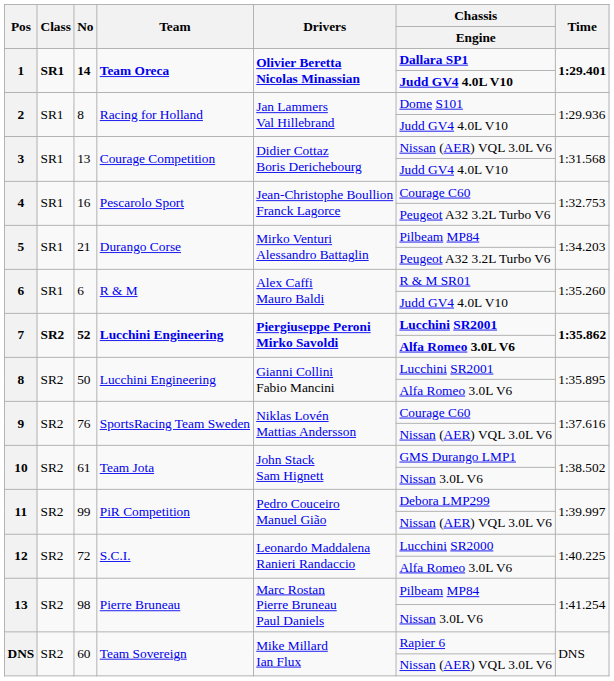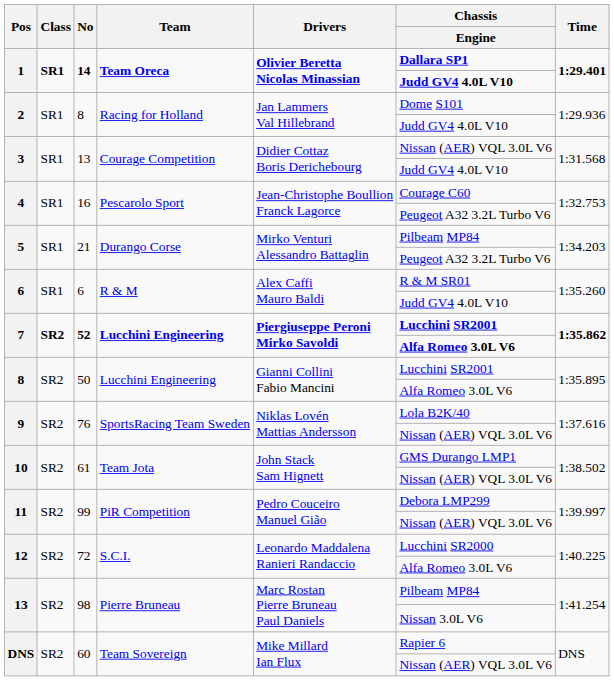 <table class="wikitable" style="font-size:95%;">
 <tr>
 <th rowspan="2">Pos</th>
 <th rowspan="2">Class</th>
 <th rowspan="2">No</th>
 <th rowspan="2">Team</th>
 <th rowspan="2">Drivers</th>
 <th>Chassis</th>
 <th rowspan="2">Time</th>
 </tr>
 <tr>
 <th>Engine</th>
 </tr>
 <tr style="font-weight:bold">
 <th rowspan="2">1</th>
 <td rowspan="2">SR1</td>
 <td rowspan="2">14</td>
 <td rowspan="2"> <a href='#'>Team Oreca</a></td>
 <td rowspan="2"> <a href='#'>Olivier Beretta</a><br> <a href='#'>Nicolas Minassian</a></td>
 <td><a href='#'>Dallara SP1</a></td>
 <td rowspan="2">1:29.401</td>
 </tr>
 <tr style="font-weight:bold">
 <td><a href='#'>Judd GV4</a> 4.0L V10</td>
 </tr>
 <tr>
 <th rowspan="2">2</th>
 <td rowspan="2">SR1</td>
 <td rowspan="2">8</td>
 <td rowspan="2"> <a href='#'>Racing for Holland</a></td>
 <td rowspan="2"> <a href='#'>Jan Lammers</a><br> <a href='#'>Val Hillebrand</a></td>
 <td><a href='#'>Dome</a> <a href='#'>S101</a></td>
 <td rowspan="2">1:29.936</td>
 </tr>
 <tr>
 <td><a href='#'>Judd GV4</a> 4.0L V10</td>
 </tr>
 <tr>
 <th rowspan="2">3</th>
 <td rowspan="2">SR1</td>
 <td rowspan="2">13</td>
 <td rowspan="2"> <a href='#'>Courage Competition</a></td>
 <td rowspan="2"> <a href='#'>Didier Cottaz</a><br> <a href='#'>Boris Derichebourg</a></td>
 <td><a href='#'>Nissan</a> (<a href='#'>AER</a>) VQL 3.0L V6</td>
 <td rowspan="2">1:31.568</td>
 </tr>
 <tr>
 <td><a href='#'>Judd GV4</a> 4.0L V10</td>
 </tr>
 <tr>
 <th rowspan="2">4</th>
 <td rowspan="2">SR1</td>
 <td rowspan="2">16</td>
 <td rowspan="2"> <a href='#'>Pescarolo Sport</a></td>
 <td rowspan="2"> <a href='#'>Jean-Christophe Boullion</a><br> <a href='#'>Franck Lagorce</a></td>
 <td><a href='#'>Courage C60</a></td>
 <td rowspan="2">1:32.753</td>
 </tr>
 <tr>
 <td><a href='#'>Peugeot</a> A32 3.2L Turbo V6</td>
 </tr>
 <tr>
 <th rowspan="2">5</th>
 <td rowspan="2">SR1</td>
 <td rowspan="2">21</td>
 <td rowspan="2"> <a href='#'>Durango Corse</a></td>
 <td rowspan="2"> <a href='#'>Mirko Venturi</a><br> <a href='#'>Alessandro Battaglin</a></td>
 <td><a href='#'>Pilbeam</a> <a href='#'>MP84</a></td>
 <td rowspan="2">1:34.203</td>
 </tr>
 <tr>
 <td><a href='#'>Peugeot</a> A32 3.2L Turbo V6</td>
 </tr>
 <tr>
 <th rowspan="2">6</th>
 <td rowspan="2">SR1</td>
 <td rowspan="2">6</td>
 <td rowspan="2"> <a href='#'>R & M</a></td>
 <td rowspan="2"> <a href='#'>Alex Caffi</a><br> <a href='#'>Mauro Baldi</a></td>
 <td><a href='#'>R & M SR01</a></td>
 <td rowspan="2">1:35.260</td>
 </tr>
 <tr>
 <td><a href='#'>Judd GV4</a> 4.0L V10</td>
 </tr>
 <tr>
 <th rowspan="2"><strong>7</strong></th>
 <td rowspan="2"><strong>SR2</strong></td>
 <td rowspan="2"><strong>52</strong></td>
 <td rowspan="2"><strong> <a href='#'>Lucchini Engineering</a></strong></td>
 <td rowspan="2"><strong> <a href='#'>Piergiuseppe Peroni</a><br> <a href='#'>Mirko Savoldi</a></strong></td>
 <td><strong><a href='#'>Lucchini</a> <a href='#'>SR2001</a></strong></td>
 <td rowspan="2"><strong>1:35.862</strong></td>
 </tr>
 <tr>
 <td><strong><a href='#'>Alfa Romeo</a> 3.0L V6</strong></td>
 </tr>
 <tr>
 <th rowspan="2">8</th>
 <td rowspan="2">SR2</td>
 <td rowspan="2">50</td>
 <td rowspan="2"> <a href='#'>Lucchini Engineering</a></td>
 <td rowspan="2"> <a href='#'>Gianni Collini</a><br> Fabio Mancini</td>
 <td><a href='#'>Lucchini</a> <a href='#'>SR2001</a></td>
 <td rowspan="2">1:35.895</td>
 </tr>
 <tr>
 <td><a href='#'>Alfa Romeo</a> 3.0L V6</td>
 </tr>
 <tr>
 <th rowspan="2">9</th>
 <td rowspan="2">SR2</td>
 <td rowspan="2">76</td>
 <td rowspan="2"> <a href='#'>SportsRacing Team Sweden</a></td>
 <td rowspan="2"> <a href='#'>Niklas Lovén</a><br> <a href='#'>Mattias Andersson</a></td>
-<td><a href='#'>Courage C60</a></td>
+<td><a href='#'>Lola B2K/40</a></td>
 <td rowspan="2">1:37.616</td>
 </tr>
 <tr>
 <td><a href='#'>Nissan</a> (<a href='#'>AER</a>) VQL 3.0L V6</td>
 </tr>
 <tr>
 <th rowspan="2">10</th>
 <td rowspan="2">SR2</td>
 <td rowspan="2">61</td>
 <td rowspan="2"> <a href='#'>Team Jota</a></td>
 <td rowspan="2"> <a href='#'>John Stack</a><br> <a href='#'>Sam Hignett</a></td>
 <td><a href='#'>GMS Durango LMP1</a></td>
 <td rowspan="2">1:38.502</td>
 </tr>
 <tr>
-<td><a href='#'>Nissan</a>  3.0L V6</td>
+<td><a href='#'>Nissan</a> (<a href='#'>AER</a>) VQL 3.0L V6</td>
 </tr>
 <tr>
 <th rowspan="2">11</th>
 <td rowspan="2">SR2</td>
 <td rowspan="2">99</td>
 <td rowspan="2"> <a href='#'>PiR Competition</a></td>
 <td rowspan="2"> <a href='#'>Pedro Couceiro</a><br> <a href='#'>Manuel Gião</a></td>
 <td><a href='#'>Debora LMP299</a></td>
 <td rowspan="2">1:39.997</td>
 </tr>
 <tr>
 <td><a href='#'>Nissan</a> (<a href='#'>AER</a>) VQL 3.0L V6</td>
 </tr>
 <tr>
 <th rowspan="2">12</th>
 <td rowspan="2">SR2</td>
 <td rowspan="2">72</td>
 <td rowspan="2"> <a href='#'>S.C.I.</a></td>
 <td rowspan="2"> <a href='#'>Leonardo Maddalena</a><br> <a href='#'>Ranieri Randaccio</a></td>
 <td><a href='#'>Lucchini</a> <a href='#'>SR2000</a></td>
 <td rowspan="2">1:40.225</td>
 </tr>
 <tr>
 <td><a href='#'>Alfa Romeo</a> 3.0L V6</td>
 </tr>
 <tr>
 <th rowspan="2">13</th>
 <td rowspan="2">SR2</td>
 <td rowspan="2">98</td>
 <td rowspan="2"> <a href='#'>Pierre Bruneau</a></td>
 <td rowspan="2"> <a href='#'>Marc Rostan</a><br> <a href='#'>Pierre Bruneau</a><br> <a href='#'>Paul Daniels</a></td>
 <td><a href='#'>Pilbeam</a> <a href='#'>MP84</a></td>
 <td rowspan="2">1:41.254</td>
 </tr>
 <tr>
 <td><a href='#'>Nissan</a>  3.0L V6</td>
 </tr>
 <tr>
 <th rowspan="2">DNS</th>
 <td rowspan="2">SR2</td>
 <td rowspan="2">60</td>
 <td rowspan="2"> <a href='#'>Team Sovereign</a></td>
 <td rowspan="2"> <a href='#'>Mike Millard</a><br> <a href='#'>Ian Flux</a></td>
 <td><a href='#'>Rapier 6</a></td>
 <td rowspan="2">DNS</td>
 </tr>
 <tr>
 <td><a href='#'>Nissan</a> (<a href='#'>AER</a>) VQL 3.0L V6</td>
 </tr>
 </table>
